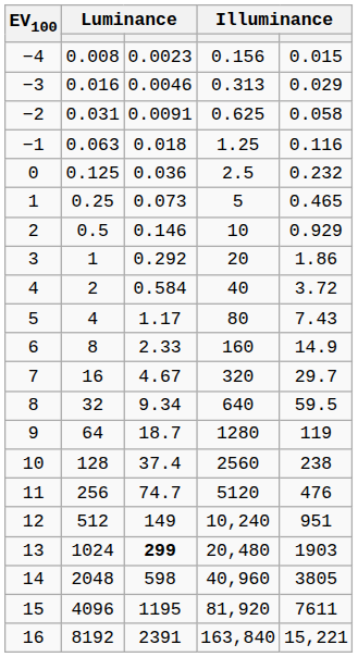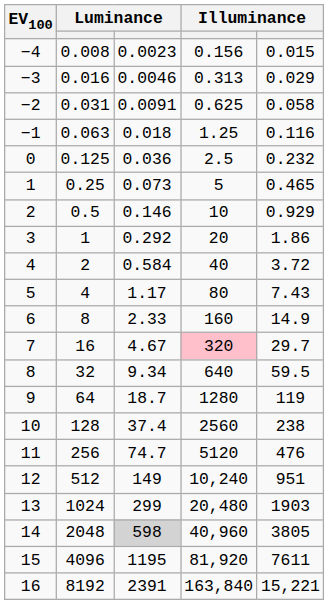 <table class="wikitable floatright" style="text-align: center">
 <tr>
 <th scope="col" rowspan="2">EV<sub>100</sub></th>
 <th scope="col" colspan="2">Luminance</th>
 <th scope="col" colspan="2">Illuminance</th>
 </tr>
 <tr>
 <th scope="col"><a href='#'></a></th>
 <th scope="col"><a href='#'></a></th>
 <th scope="col"><a href='#'></a></th>
 <th scope="col"><a href='#'></a></th>
 </tr>
 <tr>
 <td scope="row">−4</td>
 <td>0.008</td>
 <td>0.0023</td>
 <td>0.156</td>
 <td>0.015</td>
 </tr>
 <tr>
 <td scope="row">−3</td>
 <td>0.016</td>
 <td>0.0046</td>
 <td>0.313</td>
 <td>0.029</td>
 </tr>
 <tr>
 <td scope="row">−2</td>
 <td>0.031</td>
 <td>0.0091</td>
 <td>0.625</td>
 <td>0.058</td>
 </tr>
 <tr>
 <td scope="row">−1</td>
 <td>0.063</td>
 <td>0.018</td>
 <td>1.25</td>
 <td>0.116</td>
 </tr>
 <tr>
 <td scope="row">0</td>
 <td>0.125</td>
 <td>0.036</td>
 <td>2.5</td>
 <td>0.232</td>
 </tr>
 <tr>
 <td scope="row">1</td>
 <td>0.25</td>
 <td>0.073</td>
 <td>5</td>
 <td>0.465</td>
 </tr>
 <tr>
 <td scope="row">2</td>
 <td>0.5</td>
 <td>0.146</td>
 <td>10</td>
 <td>0.929</td>
 </tr>
 <tr>
 <td scope="row">3</td>
 <td>1</td>
 <td>0.292</td>
 <td>20</td>
 <td>1.86</td>
 </tr>
 <tr>
 <td scope="row">4</td>
 <td>2</td>
 <td>0.584</td>
 <td>40</td>
 <td>3.72</td>
 </tr>
 <tr>
 <td scope="row">5</td>
 <td>4</td>
 <td>1.17</td>
 <td>80</td>
 <td>7.43</td>
 </tr>
 <tr>
 <td scope="row">6</td>
 <td>8</td>
 <td>2.33</td>
 <td>160</td>
 <td>14.9</td>
 </tr>
 <tr>
 <td scope="row">7</td>
 <td>16</td>
 <td>4.67</td>
-<td>320</td>
+<td style="background: pink;">320</td>
 <td>29.7</td>
 </tr>
 <tr>
 <td scope="row">8</td>
 <td>32</td>
 <td>9.34</td>
 <td>640</td>
 <td>59.5</td>
 </tr>
 <tr>
 <td scope="row">9</td>
 <td>64</td>
 <td>18.7</td>
 <td>1280</td>
 <td>119</td>
 </tr>
 <tr>
 <td scope="row">10</td>
 <td>128</td>
 <td>37.4</td>
 <td>2560</td>
 <td>238</td>
 </tr>
 <tr>
 <td scope="row">11</td>
 <td>256</td>
 <td>74.7</td>
 <td>5120</td>
 <td>476</td>
 </tr>
 <tr>
 <td scope="row">12</td>
 <td>512</td>
 <td>149</td>
 <td>10,240</td>
 <td>951</td>
 </tr>
 <tr>
 <td scope="row">13</td>
 <td>1024</td>
-<td><strong>299</strong></td>
+<td>299</td>
 <td>20,480</td>
 <td>1903</td>
 </tr>
 <tr>
 <td scope="row">14</td>
 <td>2048</td>
-<td>598</td>
+<td style="background: lightgrey;">598</td>
 <td>40,960</td>
 <td>3805</td>
 </tr>
 <tr>
 <td scope="row">15</td>
 <td>4096</td>
 <td>1195</td>
 <td>81,920</td>
 <td>7611</td>
 </tr>
 <tr>
 <td scope="row">16</td>
 <td>8192</td>
 <td>2391</td>
 <td>163,840</td>
 <td>15,221</td>
 </tr>
 </table>
